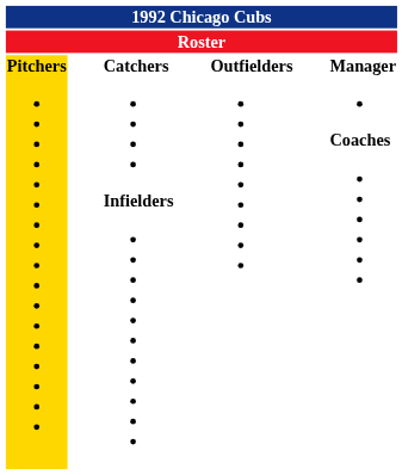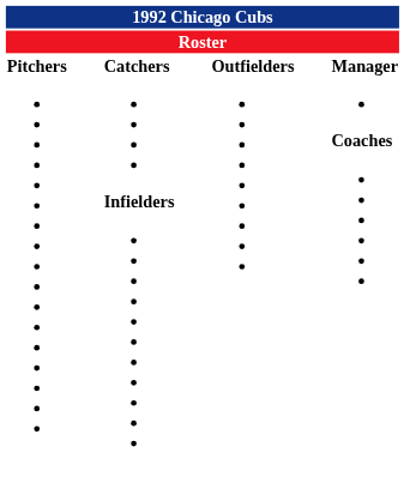 <table class="toccolours" style="font-size: 95%;">
 <tr>
 <th colspan="10" style="background-color: #0e3386; color: #FFFFFF; text-align: center;">1992 Chicago Cubs</th>
 </tr>
 <tr>
 <td colspan="10" style="background-color: #EE1422; color: #FFFFFF; text-align: center;"><strong>Roster</strong></td>
 </tr>
 <tr>
-<td valign="top" style="background: gold;"><strong>Pitchers</strong><br><ul><li></li><li></li><li></li><li></li><li></li><li></li><li></li><li></li><li></li><li></li><li></li><li></li><li></li><li></li><li></li><li></li><li></li></ul></td>
+<td valign="top"><strong>Pitchers</strong><br><ul><li></li><li></li><li></li><li></li><li></li><li></li><li></li><li></li><li></li><li></li><li></li><li></li><li></li><li></li><li></li><li></li><li></li></ul></td>
 <td width="25px"></td>
 <td valign="top"><strong>Catchers</strong><br><ul><li></li><li></li><li></li><li></li></ul><strong>Infielders</strong><ul><li></li><li></li><li></li><li></li><li></li><li></li><li></li><li></li><li></li><li></li><li></li></ul></td>
 <td width="25px"></td>
 <td valign="top"><strong>Outfielders</strong><br><ul><li></li><li></li><li></li><li></li><li></li><li></li><li></li><li></li><li></li></ul></td>
 <td width="25px"></td>
 <td valign="top"><strong>Manager</strong><br><ul><li></li></ul><strong>Coaches</strong><ul><li></li><li></li><li></li><li></li><li></li><li></li></ul></td>
 </tr>
 <tr>
 </tr>
 </table>
